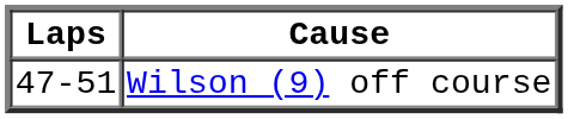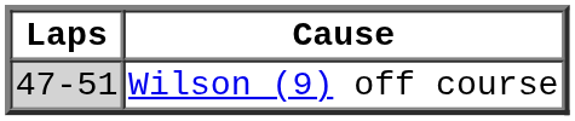 <table border=2 cellspacing=0>
 <tr>
 <th>Laps</th>
 <th>Cause</th>
 </tr>
 <tr>
-<td>47-51</td>
+<td style="background: lightgrey;">47-51</td>
 <td><a href='#'>Wilson (9)</a> off course</td>
 </tr>
 </table>
